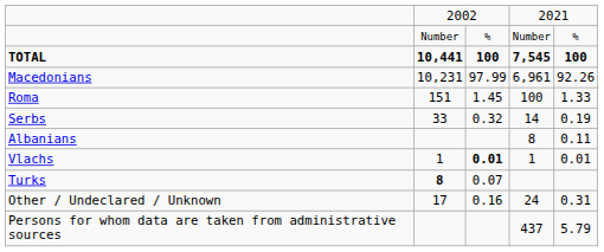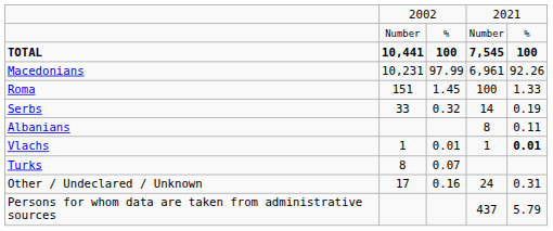 <table class="wikitable">
 <tr>
 <td></td>
 <td colspan="2" align="center">2002</td>
 <td colspan="2" align="center">2021</td>
 </tr>
 <tr>
 <td></td>
 <td align="center"><small>Number</small></td>
 <td align="center"><small>%</small></td>
 <td align="center"><small>Number</small></td>
 <td align="center"><small>%</small></td>
 </tr>
 <tr>
 <td><strong>TOTAL</strong></td>
 <td align="center"><strong>10,441</strong></td>
 <td align="center"><strong>100</strong></td>
 <td align="center"><strong>7,545</strong></td>
 <td align="center"><strong>100</strong></td>
 </tr>
 <tr>
 <td><a href='#'>Macedonians</a></td>
 <td align="center">10,231</td>
 <td align="center">97.99</td>
 <td align="center">6,961</td>
 <td align="center">92.26</td>
 </tr>
 <tr>
 <td><a href='#'>Roma</a></td>
 <td align="center">151</td>
 <td align="center">1.45</td>
 <td align="center">100</td>
 <td align="center">1.33</td>
 </tr>
 <tr>
 <td><a href='#'>Serbs</a></td>
 <td align="center">33</td>
 <td align="center">0.32</td>
 <td align="center">14</td>
 <td align="center">0.19</td>
 </tr>
 <tr>
 <td><a href='#'>Albanians</a></td>
 <td align="center"></td>
 <td align="center"></td>
 <td align="center">8</td>
 <td align="center">0.11</td>
 </tr>
 <tr>
 <td><a href='#'>Vlachs</a></td>
 <td align="center">1</td>
+<td align="center">0.01</td>
+<td align="center">1</td>
 <td align="center"><strong>0.01</strong></td>
-<td align="center">1</td>
-<td align="center">0.01</td>
 </tr>
 <tr>
 <td><a href='#'>Turks</a></td>
-<td align="center"><strong>8</strong></td>
+<td align="center">8</td>
 <td align="center">0.07</td>
 <td align="center"></td>
 <td align="center"></td>
 </tr>
 <tr>
 <td>Other / Undeclared / Unknown</td>
 <td align="center">17</td>
 <td align="center">0.16</td>
 <td align="center">24</td>
 <td align="center">0.31</td>
 </tr>
 <tr>
 <td>Persons for whom data are taken from administrative sources</td>
 <td align="center"></td>
 <td align="center"></td>
 <td align="center">437</td>
 <td align="center">5.79</td>
 </tr>
 </table>
